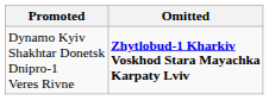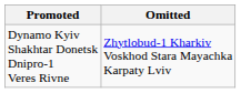 <table class="wikitable">
 <tr>
 <th>Promoted</th>
 <th>Omitted</th>
 </tr>
 <tr>
 <td>Dynamo Kyiv<br>Shakhtar Donetsk<br>Dnipro-1<br>Veres Rivne</td>
-<td><strong><a href='#'>Zhytlobud-1 Kharkiv</a><br>Voskhod Stara Mayachka<br>Karpaty Lviv</strong></td>
+<td><a href='#'>Zhytlobud-1 Kharkiv</a><br>Voskhod Stara Mayachka<br>Karpaty Lviv</td>
 </tr>
 </table>
